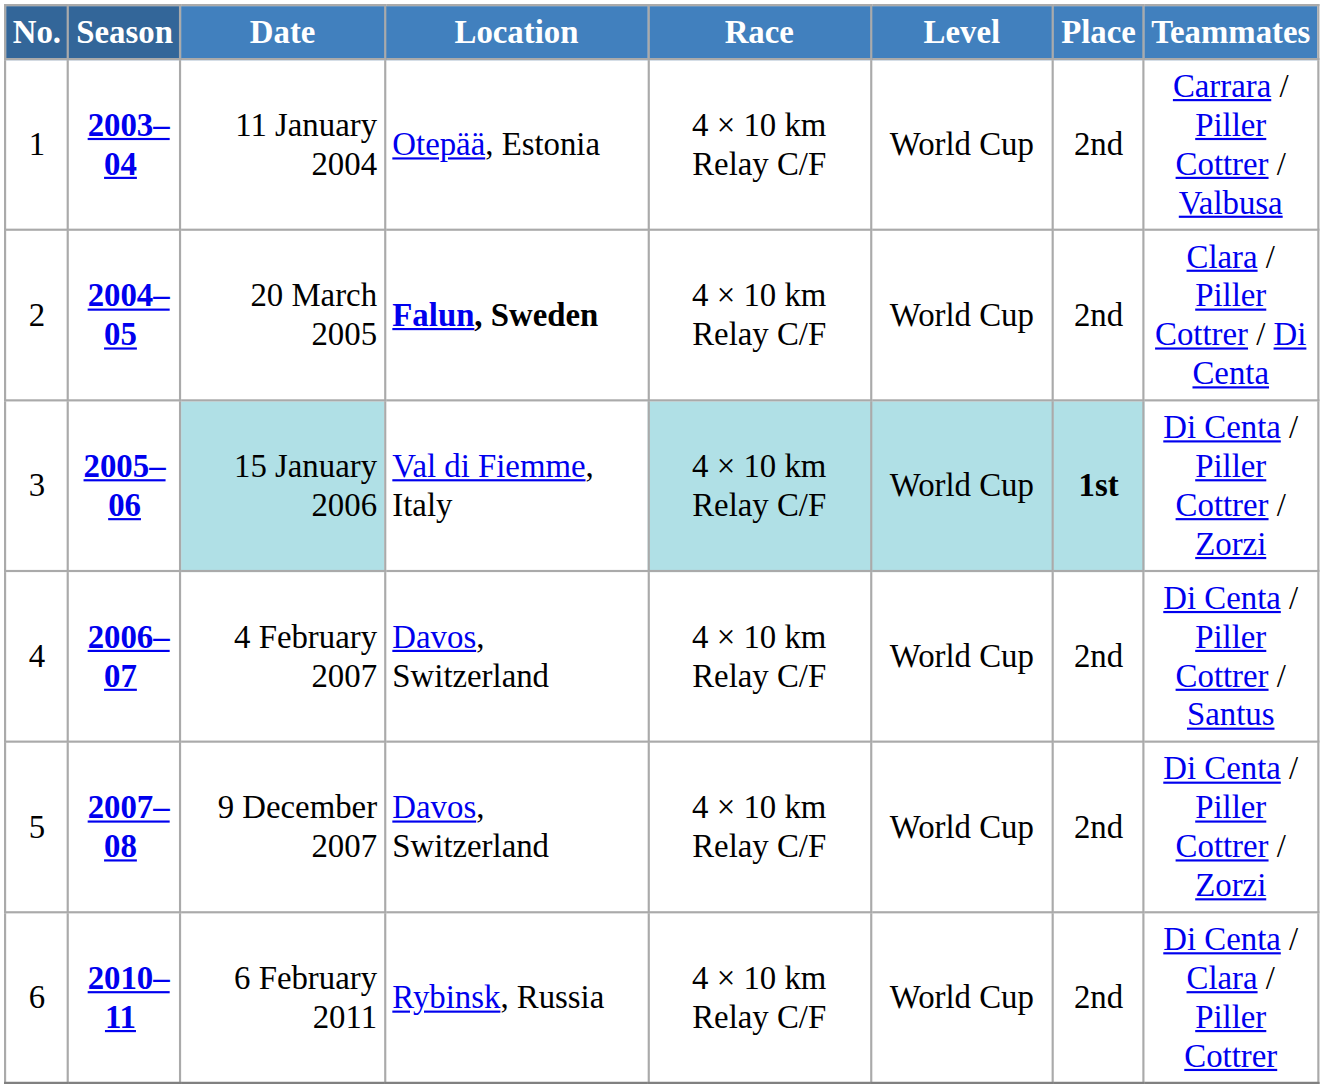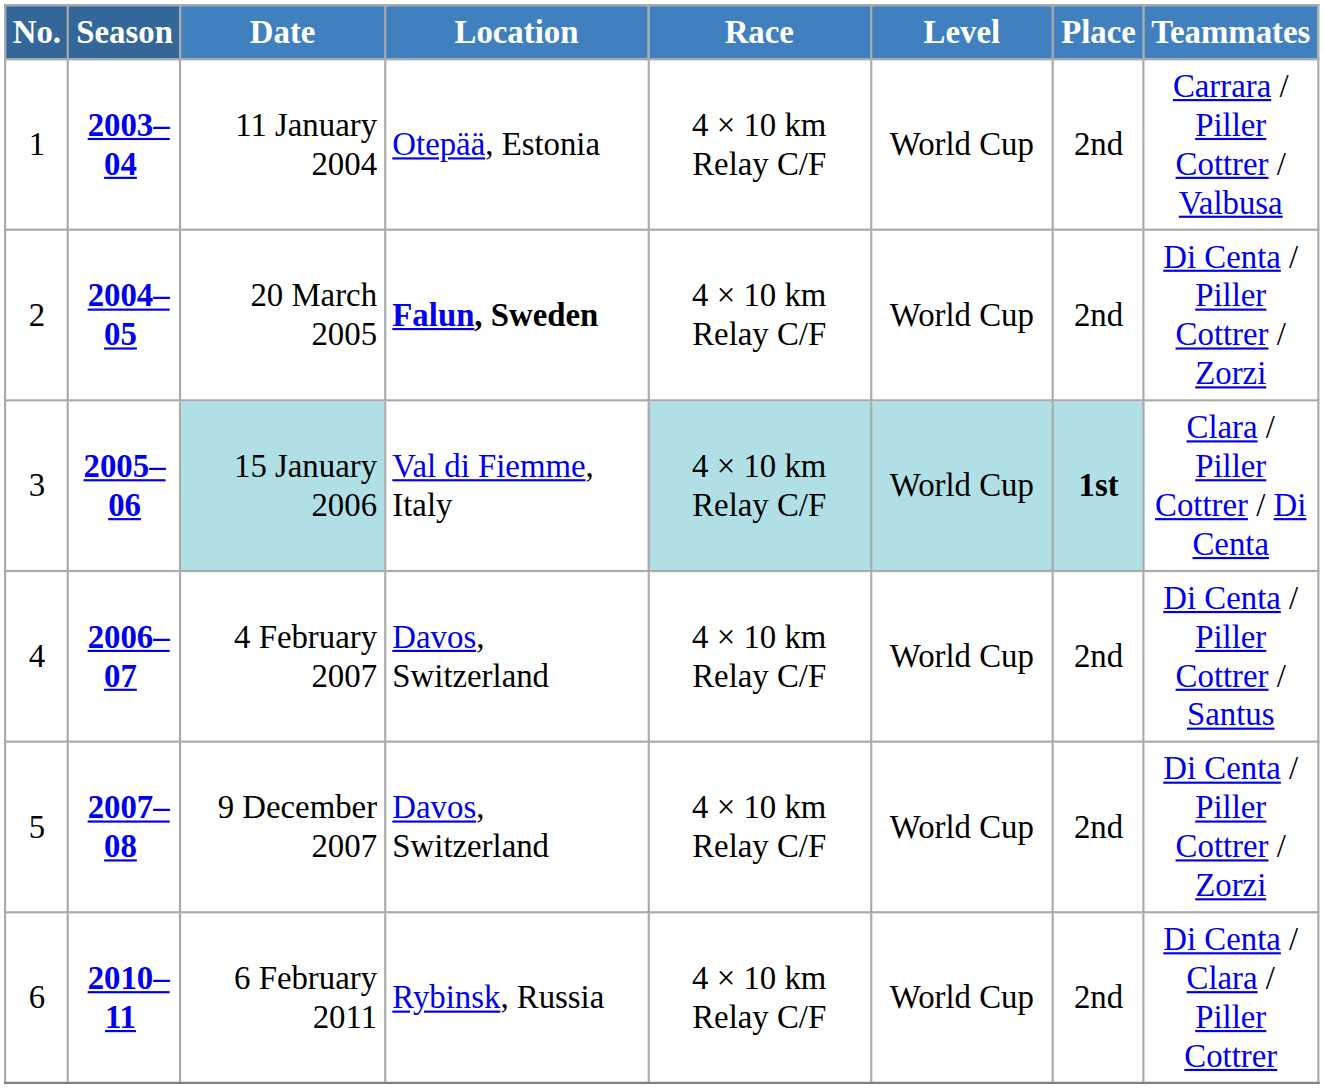 <table class="wikitable sortable" style="font-size:95%; text-align:center; border:grey solid 1px; border-collapse:collapse; background:#ffffff;">
 <tr style="background:#efefef;">
 <th style="background-color:#369; color:white;">No.</th>
 <th style="background-color:#369; color:white;">Season</th>
 <th style="background-color:#4180be; color:white; width:120px;">Date</th>
 <th style="background-color:#4180be; color:white; width:170px;">Location</th>
 <th style="background-color:#4180be; color:white; width:170px;">Race</th>
 <th style="background-color:#4180be; color:white; width:130px;">Level</th>
 <th style="background-color:#4180be; color:white;">Place</th>
 <th style="background-color:#4180be; color:white;">Teammates</th>
 </tr>
 <tr>
 <td align=center>1</td>
 <td rowspan=1 align=center><strong> <a href='#'>2003–04</a> </strong></td>
 <td align=right>11 January 2004</td>
 <td align=left> <a href='#'>Otepää</a>, Estonia</td>
 <td>4 × 10 km Relay C/F</td>
 <td>World Cup</td>
 <td>2nd</td>
 <td><a href='#'>Carrara</a> / <a href='#'>Piller Cottrer</a> / <a href='#'>Valbusa</a></td>
 </tr>
 <tr>
 <td align=center>2</td>
 <td rowspan=1 align=center><strong> <a href='#'>2004–05</a> </strong></td>
 <td align=right>20 March 2005</td>
 <td align=left><strong> <a href='#'>Falun</a>, Sweden</strong></td>
 <td>4 × 10 km Relay C/F</td>
 <td>World Cup</td>
 <td>2nd</td>
-<td><a href='#'>Clara</a> / <a href='#'>Piller Cottrer</a> / <a href='#'>Di Centa</a></td>
+<td><a href='#'>Di Centa</a> / <a href='#'>Piller Cottrer</a> / <a href='#'>Zorzi</a></td>
 </tr>
 <tr>
 <td align=center>3</td>
 <td rowspan=1 align=center><strong><a href='#'>2005–06</a></strong></td>
 <td bgcolor="#BOEOE6" align=right>15 January 2006</td>
 <td align=left> <a href='#'>Val di Fiemme</a>, Italy</td>
 <td bgcolor="#BOEOE6">4 × 10 km Relay C/F</td>
 <td bgcolor="#BOEOE6">World Cup</td>
 <td bgcolor="#BOEOE6"><strong>1st</strong></td>
-<td><a href='#'>Di Centa</a> / <a href='#'>Piller Cottrer</a> / <a href='#'>Zorzi</a></td>
+<td><a href='#'>Clara</a> / <a href='#'>Piller Cottrer</a> / <a href='#'>Di Centa</a></td>
 </tr>
 <tr>
 <td align=center>4</td>
 <td rowspan=1 align=center><strong> <a href='#'>2006–07</a> </strong></td>
 <td align=right>4 February 2007</td>
 <td align=left> <a href='#'>Davos</a>, Switzerland</td>
 <td>4 × 10 km Relay C/F</td>
 <td>World Cup</td>
 <td>2nd</td>
 <td><a href='#'>Di Centa</a> / <a href='#'>Piller Cottrer</a> / <a href='#'>Santus</a></td>
 </tr>
 <tr>
 <td align=center>5</td>
 <td rowspan=1 align=center><strong> <a href='#'>2007–08</a> </strong></td>
 <td align=right>9 December 2007</td>
 <td align=left> <a href='#'>Davos</a>, Switzerland</td>
 <td>4 × 10 km Relay C/F</td>
 <td>World Cup</td>
 <td>2nd</td>
 <td><a href='#'>Di Centa</a> / <a href='#'>Piller Cottrer</a> / <a href='#'>Zorzi</a></td>
 </tr>
 <tr>
 <td align=center>6</td>
 <td rowspan=1 align=center><strong> <a href='#'>2010–11</a> </strong></td>
 <td align=right>6 February 2011</td>
 <td align=left> <a href='#'>Rybinsk</a>, Russia</td>
 <td>4 × 10 km Relay C/F</td>
 <td>World Cup</td>
 <td>2nd</td>
 <td><a href='#'>Di Centa</a> / <a href='#'>Clara</a> / <a href='#'>Piller Cottrer</a></td>
 </tr>
 <tr>
 </tr>
 </table>
